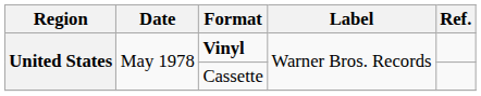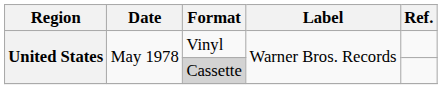 <table class="wikitable plainrowheaders">
 <tr>
 <th scope="col">Region</th>
 <th scope="col">Date</th>
 <th scope="col">Format</th>
 <th scope="col">Label</th>
 <th scope="col">Ref.</th>
 </tr>
 <tr>
 <th scope="row" rowspan="2">United States</th>
 <td rowspan="2">May 1978</td>
-<td><strong>Vinyl</strong></td>
+<td>Vinyl</td>
 <td rowspan="2">Warner Bros. Records</td>
 <td></td>
 </tr>
 <tr>
-<td>Cassette</td>
+<td style="background: lightgrey;">Cassette</td>
 <td></td>
 </tr>
 <tr>
 </tr>
 </table>
